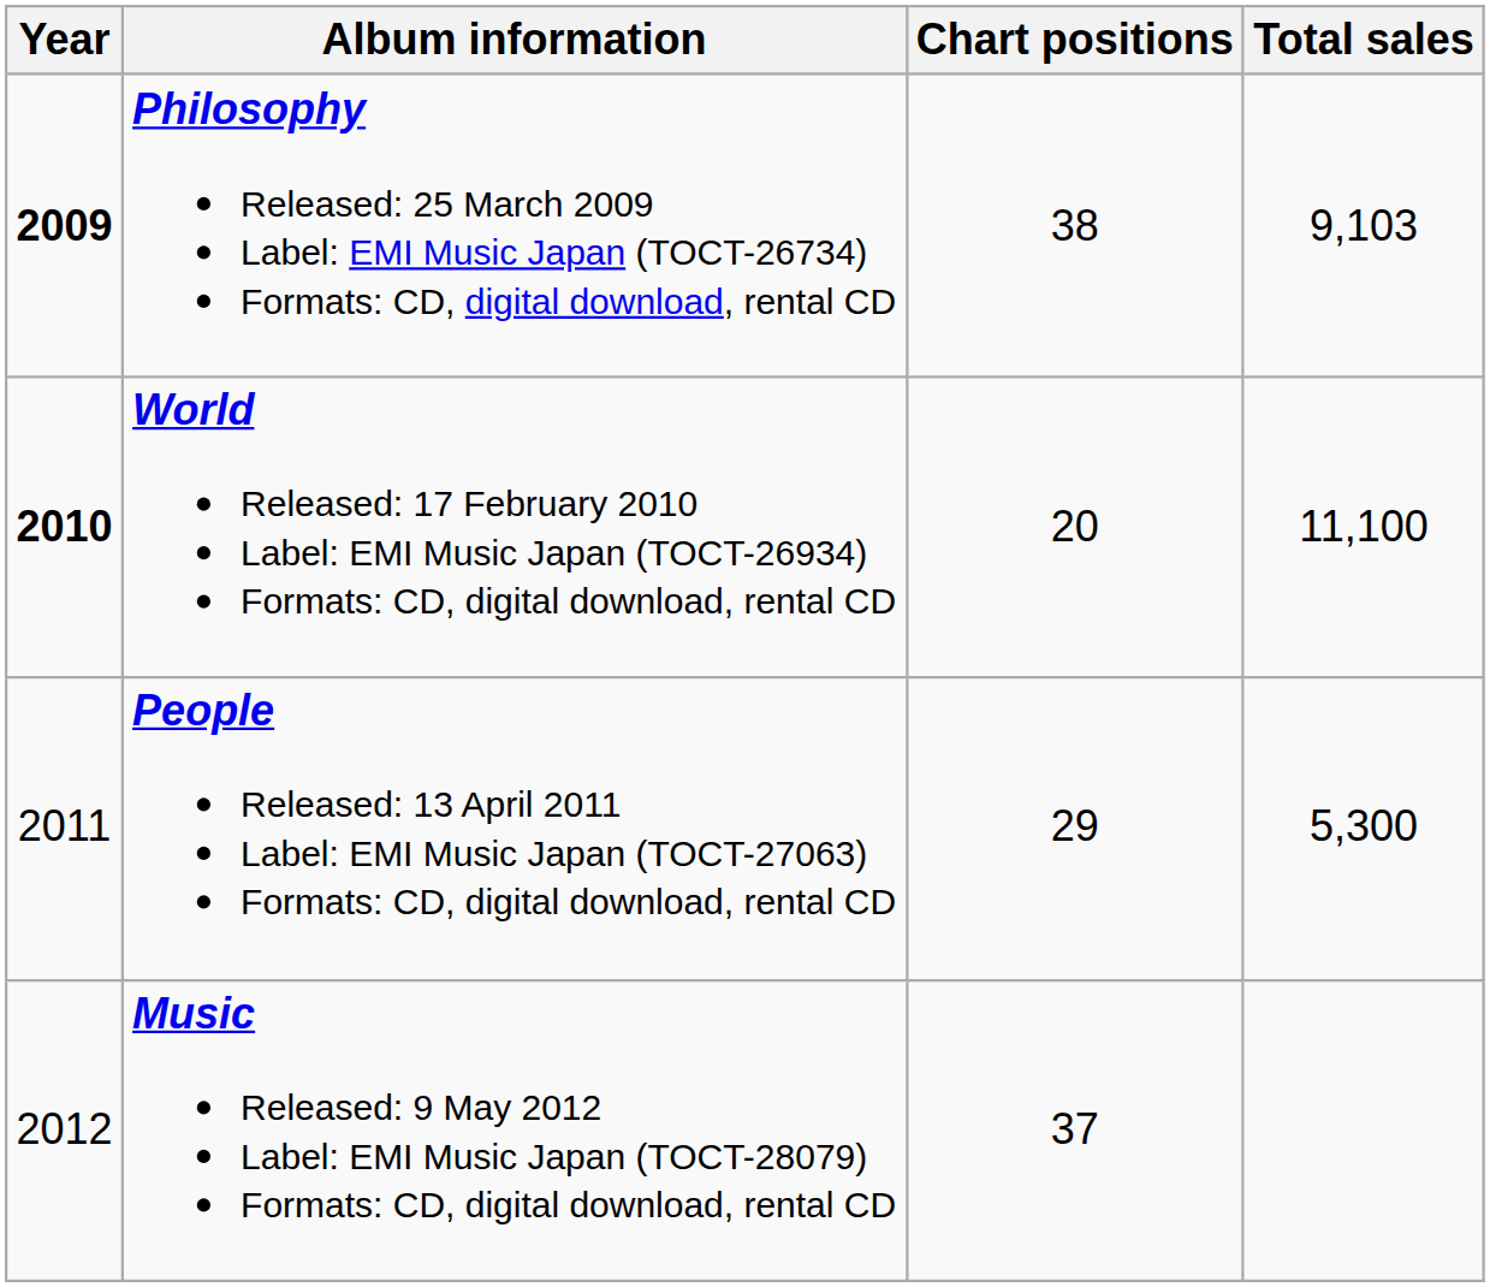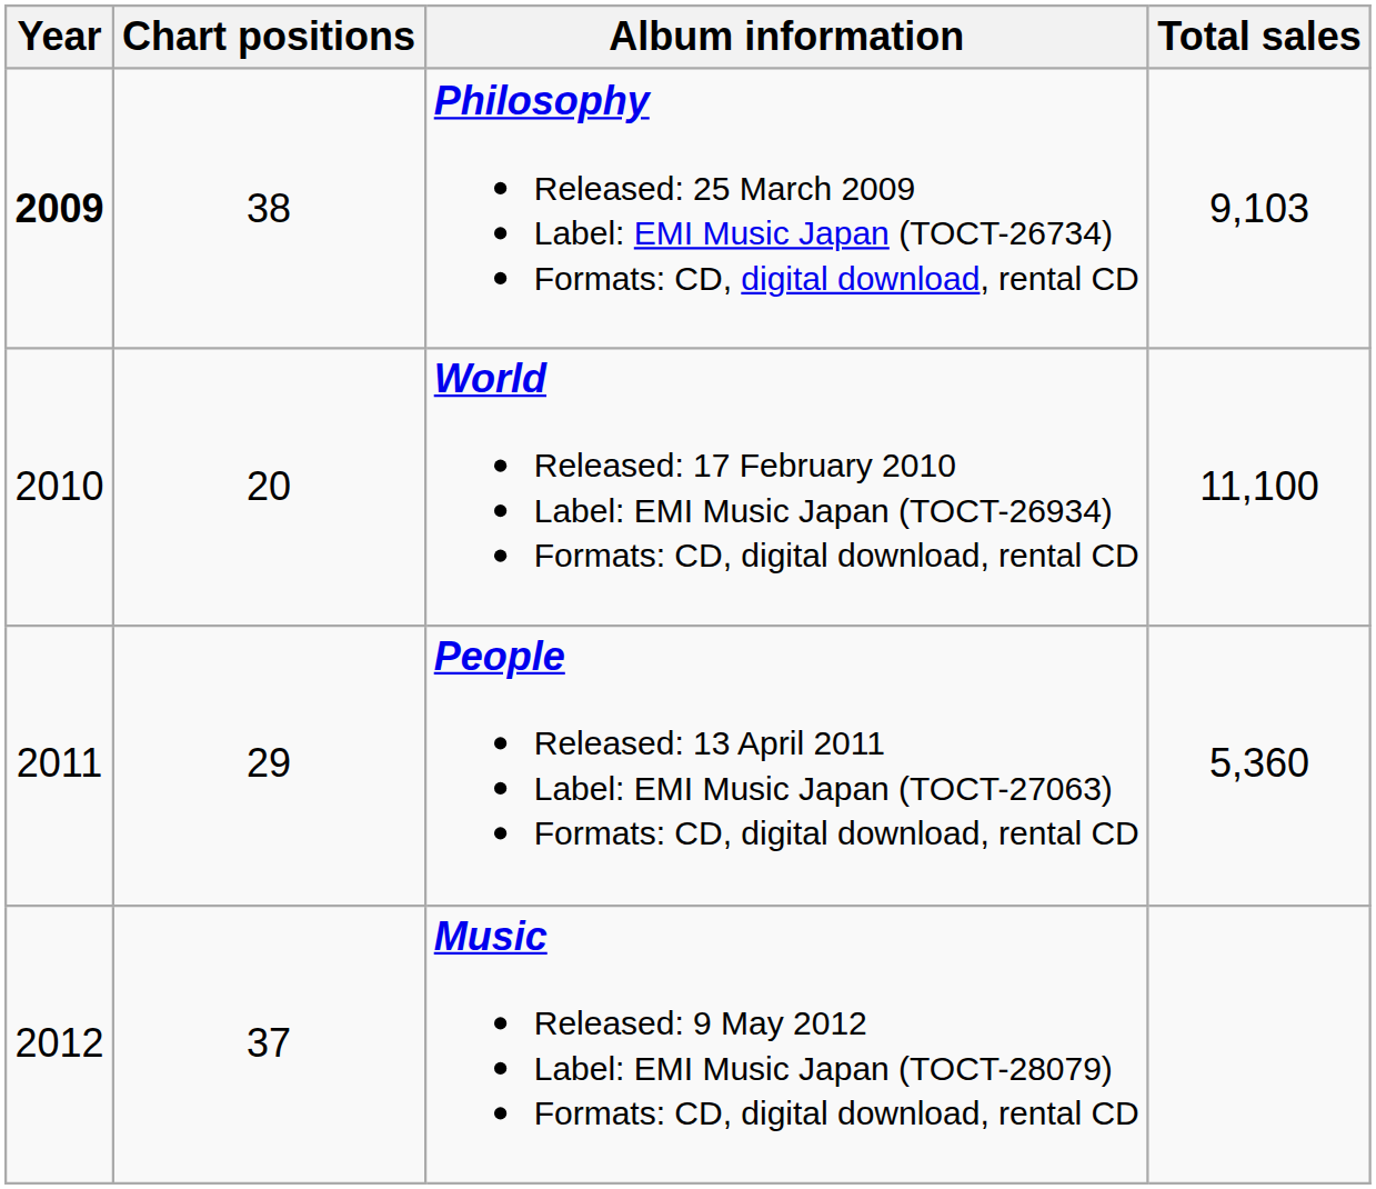 <table class="wikitable">
 <tr>
 <th rowspan="1">Year</th>
+<th colspan="1">Chart positions<br></th>
 <th rowspan="1">Album information</th>
-<th colspan="1">Chart positions<br></th>
 <th colspan="1">Total sales<br></th>
 </tr>
 <tr>
 <td align="center"><strong>2009</strong></td>
+<td align="center">38</td>
 <td><strong><em><a href='#'>Philosophy</a></em></strong><br><ul><li><small>Released: 25 March 2009</small></li><li><small>Label: <a href='#'>EMI Music Japan</a> (TOCT-26734)</small></li><li><small>Formats: CD, <a href='#'>digital download</a>, rental CD</small></li></ul></td>
-<td align="center">38</td>
 <td align="center">9,103</td>
 </tr>
 <tr>
-<td align="center"><strong>2010</strong></td>
+<td align="center">2010</td>
+<td align="center">20</td>
 <td><strong><em><a href='#'>World</a></em></strong><br><ul><li><small>Released: 17 February 2010</small></li><li><small>Label: EMI Music Japan (TOCT-26934)</small></li><li><small>Formats: CD, digital download, rental CD</small></li></ul></td>
-<td align="center">20</td>
 <td align="center">11,100</td>
 </tr>
 <tr>
 <td align="center">2011</td>
+<td align="center">29</td>
 <td><strong><em><a href='#'>People</a></em></strong><br><ul><li><small>Released: 13 April 2011</small></li><li><small>Label: EMI Music Japan (TOCT-27063)</small></li><li><small>Formats: CD, digital download, rental CD</small></li></ul></td>
-<td align="center">29</td>
-<td align="center">5,300</td>
+<td align="center">5,360</td>
 </tr>
 <tr>
 <td>2012</td>
+<td align="center">37</td>
 <td><strong><em><a href='#'>Music</a></em></strong><br><ul><li><small>Released: 9 May 2012</small></li><li><small>Label: EMI Music Japan (TOCT-28079)</small></li><li><small>Formats: CD, digital download, rental CD</small></li></ul></td>
-<td align="center">37</td>
 <td></td>
 </tr>
 </table>
